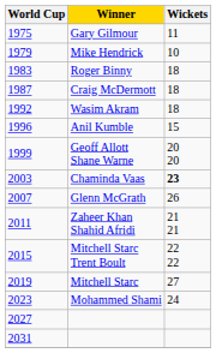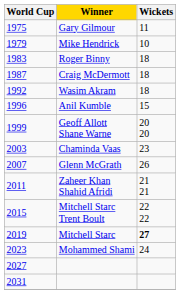 <table class="wikitable">
 <tr>
 <th>World Cup</th>
 <th scope=col style="background-color: gold">Winner</th>
 <th>Wickets</th>
 </tr>
 <tr>
 <td><a href='#'>1975</a></td>
 <td> <a href='#'>Gary Gilmour</a></td>
 <td>11</td>
 </tr>
 <tr>
 <td><a href='#'>1979</a></td>
 <td> <a href='#'>Mike Hendrick</a></td>
 <td>10</td>
 </tr>
 <tr>
 <td><a href='#'>1983</a></td>
 <td> <a href='#'>Roger Binny</a></td>
 <td>18</td>
 </tr>
 <tr>
 <td><a href='#'>1987</a></td>
 <td> <a href='#'>Craig McDermott</a></td>
 <td>18</td>
 </tr>
 <tr>
 <td><a href='#'>1992</a></td>
 <td> <a href='#'>Wasim Akram</a></td>
 <td>18</td>
 </tr>
 <tr>
 <td><a href='#'>1996</a></td>
 <td> <a href='#'>Anil Kumble</a></td>
 <td>15</td>
 </tr>
 <tr>
 <td><a href='#'>1999</a></td>
 <td> <a href='#'>Geoff Allott</a> <br>  <a href='#'>Shane Warne</a></td>
 <td>20 <br> 20</td>
 </tr>
 <tr>
 <td><a href='#'>2003</a></td>
 <td> <a href='#'>Chaminda Vaas</a></td>
-<td><strong>23</strong></td>
+<td>23</td>
 </tr>
 <tr>
 <td><a href='#'>2007</a></td>
 <td> <a href='#'>Glenn McGrath</a></td>
 <td>26</td>
 </tr>
 <tr>
 <td><a href='#'>2011</a></td>
 <td> <a href='#'>Zaheer Khan</a> <br>  <a href='#'>Shahid Afridi</a></td>
 <td>21 <br> 21</td>
 </tr>
 <tr>
 <td><a href='#'>2015</a></td>
 <td> <a href='#'>Mitchell Starc</a> <br>  <a href='#'>Trent Boult</a></td>
 <td>22 <br> 22</td>
 </tr>
 <tr>
 <td><a href='#'>2019</a></td>
 <td> <a href='#'>Mitchell Starc</a></td>
-<td>27</td>
+<td><strong>27</strong></td>
 </tr>
 <tr>
 <td><a href='#'>2023</a></td>
 <td> <a href='#'>Mohammed Shami</a></td>
 <td>24</td>
 </tr>
 <tr>
 <td><a href='#'>2027</a></td>
 <td></td>
 <td></td>
 </tr>
 <tr>
 <td><a href='#'>2031</a></td>
 <td></td>
 <td></td>
 </tr>
 <tr>
 </tr>
 </table>
